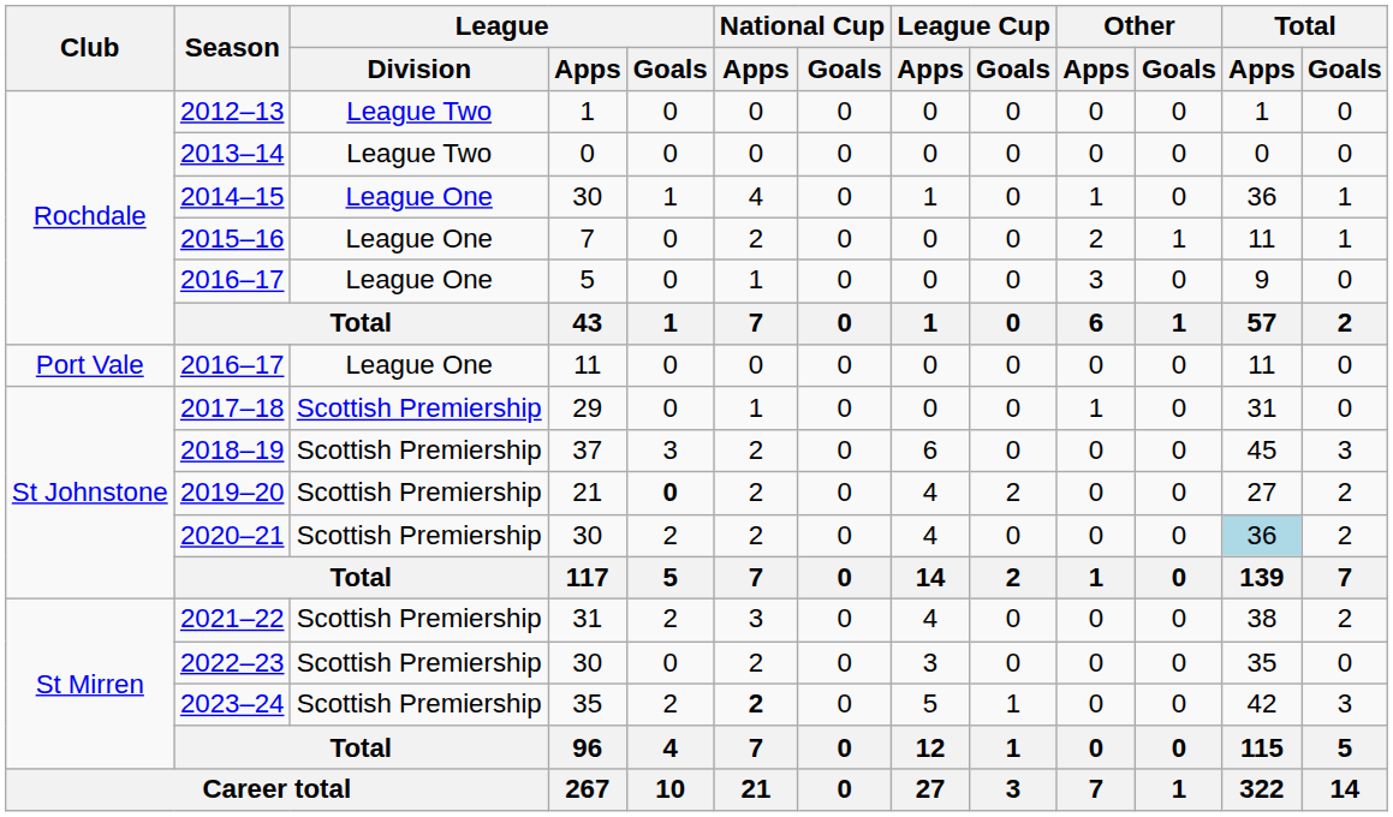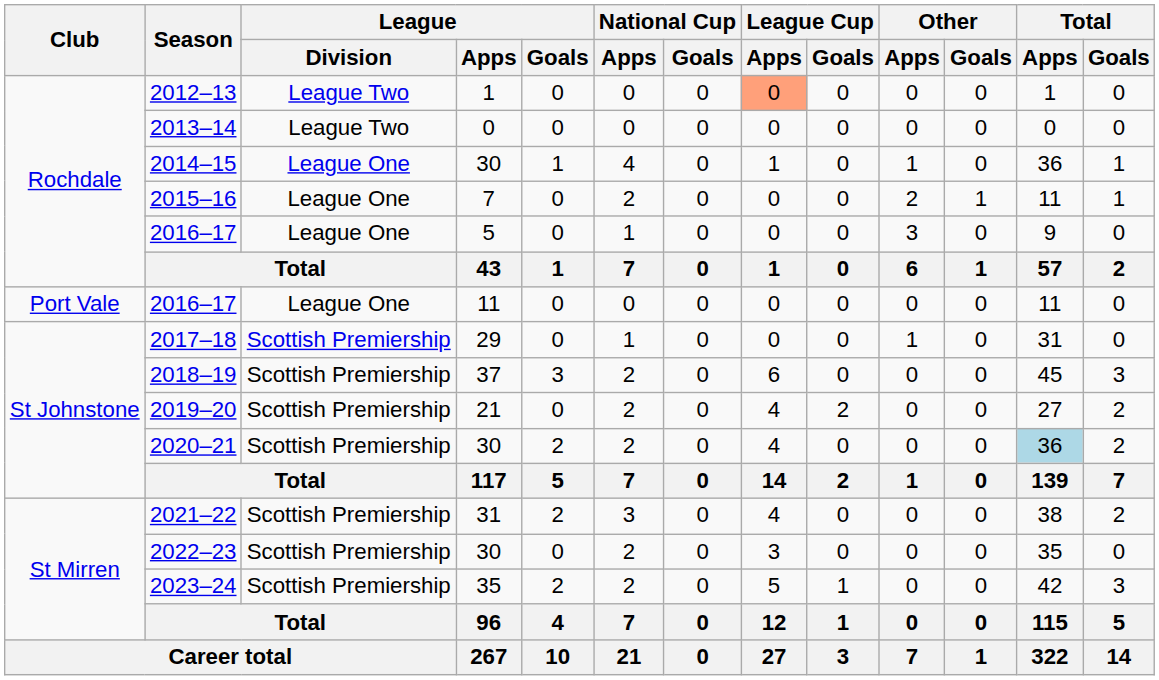 <table class="wikitable" style="text-align: center">
 <tr>
 <th rowspan="2">Club</th>
 <th rowspan="2">Season</th>
 <th colspan="3">League</th>
 <th colspan="2">National Cup</th>
 <th colspan="2">League Cup</th>
 <th colspan="2">Other</th>
 <th colspan="2">Total</th>
 </tr>
 <tr>
 <th>Division</th>
 <th>Apps</th>
 <th>Goals</th>
 <th>Apps</th>
 <th>Goals</th>
 <th>Apps</th>
 <th>Goals</th>
 <th>Apps</th>
 <th>Goals</th>
 <th>Apps</th>
 <th>Goals</th>
 </tr>
 <tr>
 <td rowspan="6"><a href='#'>Rochdale</a></td>
 <td><a href='#'>2012–13</a></td>
 <td><a href='#'>League Two</a></td>
 <td>1</td>
 <td>0</td>
 <td>0</td>
 <td>0</td>
-<td>0</td>
+<td style="background: lightsalmon;">0</td>
 <td>0</td>
 <td>0</td>
 <td>0</td>
 <td>1</td>
 <td>0</td>
 </tr>
 <tr>
 <td><a href='#'>2013–14</a></td>
 <td>League Two</td>
 <td>0</td>
 <td>0</td>
 <td>0</td>
 <td>0</td>
 <td>0</td>
 <td>0</td>
 <td>0</td>
 <td>0</td>
 <td>0</td>
 <td>0</td>
 </tr>
 <tr>
 <td><a href='#'>2014–15</a></td>
 <td><a href='#'>League One</a></td>
 <td>30</td>
 <td>1</td>
 <td>4</td>
 <td>0</td>
 <td>1</td>
 <td>0</td>
 <td>1</td>
 <td>0</td>
 <td>36</td>
 <td>1</td>
 </tr>
 <tr>
 <td><a href='#'>2015–16</a></td>
 <td>League One</td>
 <td>7</td>
 <td>0</td>
 <td>2</td>
 <td>0</td>
 <td>0</td>
 <td>0</td>
 <td>2</td>
 <td>1</td>
 <td>11</td>
 <td>1</td>
 </tr>
 <tr>
 <td><a href='#'>2016–17</a></td>
 <td>League One</td>
 <td>5</td>
 <td>0</td>
 <td>1</td>
 <td>0</td>
 <td>0</td>
 <td>0</td>
 <td>3</td>
 <td>0</td>
 <td>9</td>
 <td>0</td>
 </tr>
 <tr>
 <th colspan="2">Total</th>
 <th>43</th>
 <th>1</th>
 <th>7</th>
 <th>0</th>
 <th>1</th>
 <th>0</th>
 <th>6</th>
 <th>1</th>
 <th>57</th>
 <th>2</th>
 </tr>
 <tr>
 <td><a href='#'>Port Vale</a></td>
 <td><a href='#'>2016–17</a></td>
 <td>League One</td>
 <td>11</td>
 <td>0</td>
 <td>0</td>
 <td>0</td>
 <td>0</td>
 <td>0</td>
 <td>0</td>
 <td>0</td>
 <td>11</td>
 <td>0</td>
 </tr>
 <tr>
 <td rowspan="5"><a href='#'>St Johnstone</a></td>
 <td><a href='#'>2017–18</a></td>
 <td><a href='#'>Scottish Premiership</a></td>
 <td>29</td>
 <td>0</td>
 <td>1</td>
 <td>0</td>
 <td>0</td>
 <td>0</td>
 <td>1</td>
 <td>0</td>
 <td>31</td>
 <td>0</td>
 </tr>
 <tr>
 <td><a href='#'>2018–19</a></td>
 <td>Scottish Premiership</td>
 <td>37</td>
 <td>3</td>
 <td>2</td>
 <td>0</td>
 <td>6</td>
 <td>0</td>
 <td>0</td>
 <td>0</td>
 <td>45</td>
 <td>3</td>
 </tr>
 <tr>
 <td><a href='#'>2019–20</a></td>
 <td>Scottish Premiership</td>
 <td>21</td>
-<td><strong>0</strong></td>
+<td>0</td>
 <td>2</td>
 <td>0</td>
 <td>4</td>
 <td>2</td>
 <td>0</td>
 <td>0</td>
 <td>27</td>
 <td>2</td>
 </tr>
 <tr>
 <td><a href='#'>2020–21</a></td>
 <td>Scottish Premiership</td>
 <td>30</td>
 <td>2</td>
 <td>2</td>
 <td>0</td>
 <td>4</td>
 <td>0</td>
 <td>0</td>
 <td>0</td>
 <td style="background: lightblue;">36</td>
 <td>2</td>
 </tr>
 <tr>
 <th colspan="2">Total</th>
 <th>117</th>
 <th>5</th>
 <th>7</th>
 <th>0</th>
 <th>14</th>
 <th>2</th>
 <th>1</th>
 <th>0</th>
 <th>139</th>
 <th>7</th>
 </tr>
 <tr>
 <td rowspan="4"><a href='#'>St Mirren</a></td>
 <td><a href='#'>2021–22</a></td>
 <td>Scottish Premiership</td>
 <td>31</td>
 <td>2</td>
 <td>3</td>
 <td>0</td>
 <td>4</td>
 <td>0</td>
 <td>0</td>
 <td>0</td>
 <td>38</td>
 <td>2</td>
 </tr>
 <tr>
 <td><a href='#'>2022–23</a></td>
 <td>Scottish Premiership</td>
 <td>30</td>
 <td>0</td>
 <td>2</td>
 <td>0</td>
 <td>3</td>
 <td>0</td>
 <td>0</td>
 <td>0</td>
 <td>35</td>
 <td>0</td>
 </tr>
 <tr>
 <td><a href='#'>2023–24</a></td>
 <td>Scottish Premiership</td>
 <td>35</td>
 <td>2</td>
-<td><strong>2</strong></td>
+<td>2</td>
 <td>0</td>
 <td>5</td>
 <td>1</td>
 <td>0</td>
 <td>0</td>
 <td>42</td>
 <td>3</td>
 </tr>
 <tr>
 <th colspan="2">Total</th>
 <th>96</th>
 <th>4</th>
 <th>7</th>
 <th>0</th>
 <th>12</th>
 <th>1</th>
 <th>0</th>
 <th>0</th>
 <th>115</th>
 <th>5</th>
 </tr>
 <tr>
 <th colspan="3">Career total</th>
 <th>267</th>
 <th>10</th>
 <th>21</th>
 <th>0</th>
 <th>27</th>
 <th>3</th>
 <th>7</th>
 <th>1</th>
 <th>322</th>
 <th>14</th>
 </tr>
 </table>
